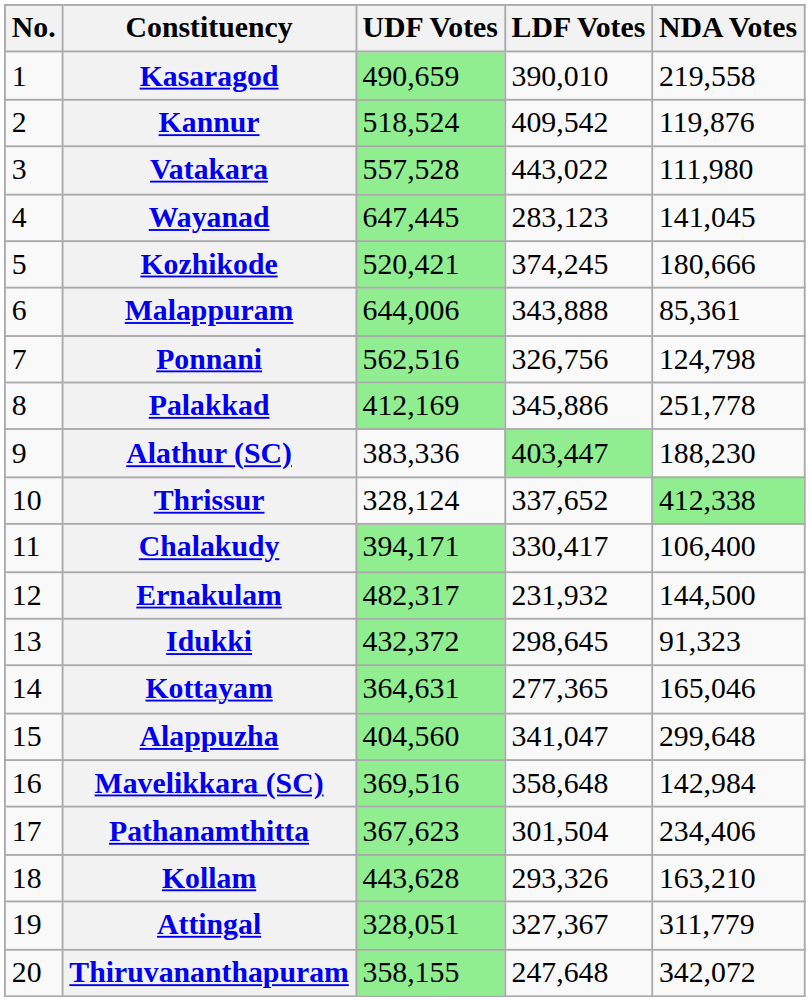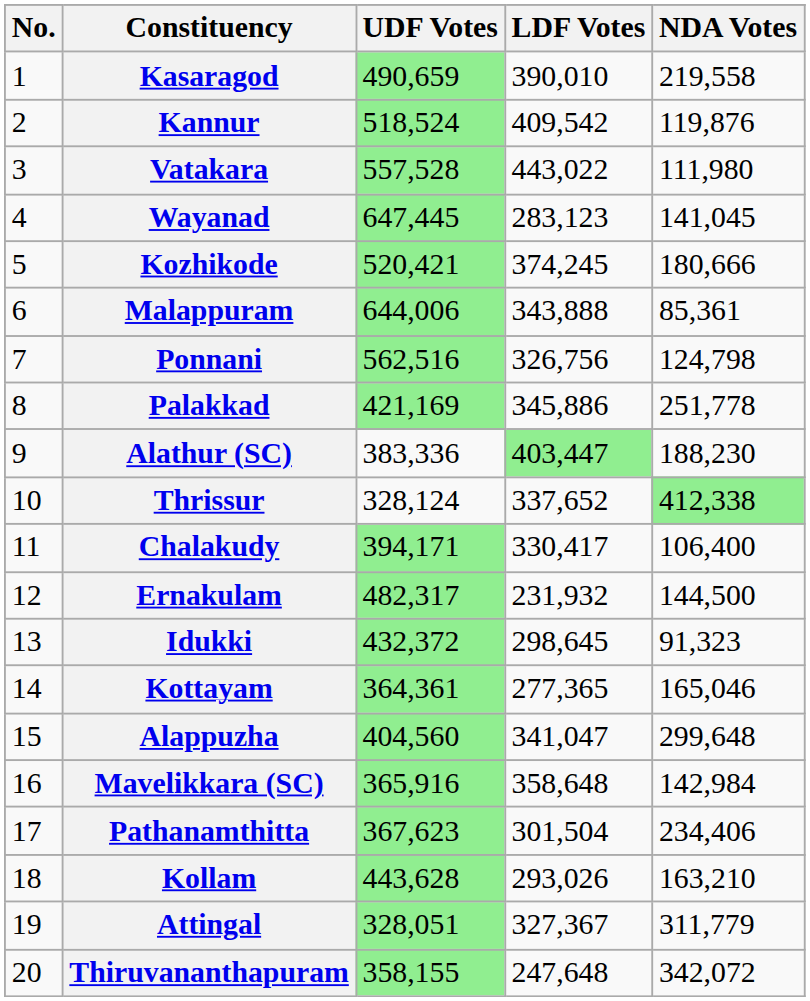 <table class="wikitable sortable">
 <tr>
 <th>No.</th>
 <th>Constituency</th>
 <th style="background:">UDF Votes</th>
 <th style="background:">LDF Votes</th>
 <th style="background:">NDA Votes</th>
 </tr>
 <tr>
 <td>1</td>
 <th style="background-color: "><a href='#'><span>Kasaragod</span></a></th>
 <td style="background:lightgreen;">490,659</td>
 <td>390,010</td>
 <td>219,558</td>
 </tr>
 <tr>
 <td>2</td>
 <th style="background-color: "><a href='#'><span>Kannur</span></a></th>
 <td style="background:lightgreen;">518,524</td>
 <td>409,542</td>
 <td>119,876</td>
 </tr>
 <tr>
 <td>3</td>
 <th style="background-color: "><a href='#'><span>Vatakara</span></a></th>
 <td style="background:lightgreen;">557,528</td>
 <td>443,022</td>
 <td>111,980</td>
 </tr>
 <tr>
 <td>4</td>
 <th style="background-color: "><a href='#'><span>Wayanad</span></a></th>
 <td style="background:lightgreen;">647,445</td>
 <td>283,123</td>
 <td>141,045</td>
 </tr>
 <tr>
 <td>5</td>
 <th style="background-color: "><a href='#'><span>Kozhikode</span></a></th>
 <td style="background:lightgreen;">520,421</td>
 <td>374,245</td>
 <td>180,666</td>
 </tr>
 <tr>
 <td>6</td>
 <th style="background-color: "><a href='#'><span>Malappuram</span></a></th>
 <td style="background:lightgreen;">644,006</td>
 <td>343,888</td>
 <td>85,361</td>
 </tr>
 <tr>
 <td>7</td>
 <th style="background-color: "><a href='#'><span>Ponnani</span></a></th>
 <td style="background:lightgreen;">562,516</td>
 <td>326,756</td>
 <td>124,798</td>
 </tr>
 <tr>
 <td>8</td>
 <th style="background-color: "><a href='#'><span>Palakkad</span></a></th>
-<td style="background:lightgreen;">412,169</td>
+<td style="background:lightgreen;">421,169</td>
 <td>345,886</td>
 <td>251,778</td>
 </tr>
 <tr>
 <td>9</td>
 <th style="background-color: "><a href='#'><span>Alathur (SC)</span></a></th>
 <td>383,336</td>
 <td style="background:lightgreen;">403,447</td>
 <td>188,230</td>
 </tr>
 <tr>
 <td>10</td>
 <th style="background-color: "><a href='#'><span>Thrissur</span></a></th>
 <td>328,124</td>
 <td>337,652</td>
 <td style="background:lightgreen;">412,338</td>
 </tr>
 <tr>
 <td>11</td>
 <th style="background-color: "><a href='#'><span>Chalakudy</span></a></th>
 <td style="background:lightgreen;">394,171</td>
 <td>330,417</td>
 <td>106,400</td>
 </tr>
 <tr>
 <td>12</td>
 <th style="background-color: "><a href='#'><span>Ernakulam</span></a></th>
 <td style="background:lightgreen;">482,317</td>
 <td>231,932</td>
 <td>144,500</td>
 </tr>
 <tr>
 <td>13</td>
 <th style="background-color: "><a href='#'><span>Idukki</span></a></th>
 <td style="background:lightgreen;">432,372</td>
 <td>298,645</td>
 <td>91,323</td>
 </tr>
 <tr>
 <td>14</td>
 <th style="background-color: "><a href='#'><span>Kottayam</span></a></th>
-<td style="background:lightgreen;">364,631</td>
+<td style="background:lightgreen;">364,361</td>
 <td>277,365</td>
 <td>165,046</td>
 </tr>
 <tr>
 <td>15</td>
 <th style="background-color: "><a href='#'><span>Alappuzha</span></a></th>
 <td style="background:lightgreen;">404,560</td>
 <td>341,047</td>
 <td>299,648</td>
 </tr>
 <tr>
 <td>16</td>
 <th style="background-color: "><a href='#'><span>Mavelikkara (SC)</span></a></th>
-<td style="background:lightgreen;">369,516</td>
+<td style="background:lightgreen;">365,916</td>
 <td>358,648</td>
 <td>142,984</td>
 </tr>
 <tr>
 <td>17</td>
 <th style="background-color: "><a href='#'><span>Pathanamthitta</span></a></th>
 <td style="background:lightgreen;">367,623</td>
 <td>301,504</td>
 <td>234,406</td>
 </tr>
 <tr>
 <td>18</td>
 <th style="background-color: "><a href='#'><span>Kollam</span></a></th>
 <td style="background:lightgreen;">443,628</td>
-<td>293,326</td>
+<td>293,026</td>
 <td>163,210</td>
 </tr>
 <tr>
 <td>19</td>
 <th style="background-color: "><a href='#'><span>Attingal</span></a></th>
 <td style="background:lightgreen;">328,051</td>
 <td>327,367</td>
 <td>311,779</td>
 </tr>
 <tr>
 <td>20</td>
 <th style="background-color: "><a href='#'><span>Thiruvananthapuram</span></a></th>
 <td style="background:lightgreen;">358,155</td>
 <td>247,648</td>
 <td>342,072</td>
 </tr>
 </table>
